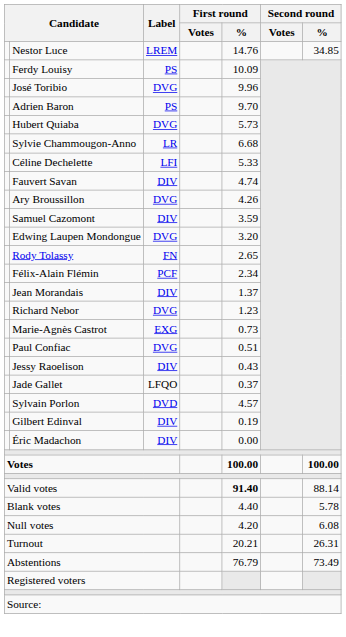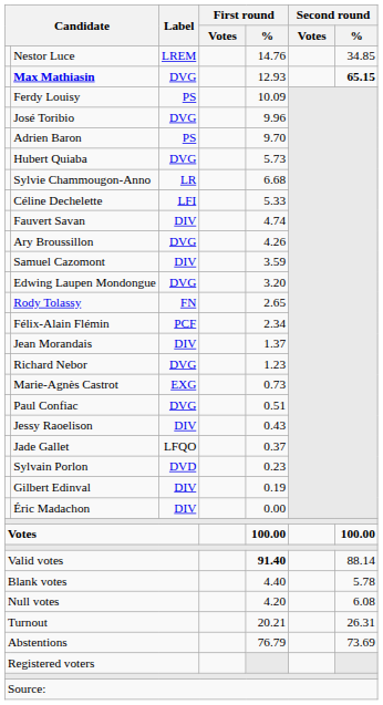 <table class="wikitable" style="text-align:right;font-size:95%;">
 <tr>
 <th rowspan="2" colspan="2">Candidate</th>
 <th rowspan="2">Label</th>
 <th colspan="2">First round</th>
 <th colspan="2">Second round</th>
 </tr>
 <tr>
 <th style="width:50px;">Votes</th>
 <th style="width:45px;">%</th>
 <th style="width:50px;">Votes</th>
 <th style="width:45px;">%</th>
 </tr>
 <tr>
 <td style="color:inherit;background:"></td>
 <td style="text-align:left;">Nestor Luce</td>
 <td><a href='#'>LREM</a></td>
 <td></td>
 <td>14.76</td>
 <td></td>
 <td>34.85</td>
+</tr>
+<tr>
+<td style="color:inherit;background:"></td>
+<td style="text-align:left;"><strong><a href='#'>Max Mathiasin</a></strong></td>
+<td><a href='#'>DVG</a></td>
+<td></td>
+<td>12.93</td>
+<td><strong></strong></td>
+<td><strong>65.15</strong></td>
 </tr>
 <tr>
 <td style="color:inherit;background:"></td>
 <td style="text-align:left;">Ferdy Louisy</td>
 <td><a href='#'>PS</a></td>
 <td></td>
 <td>10.09</td>
 <td colspan="2" rowspan="21" style="background:#E9E9E9;"></td>
 </tr>
 <tr>
 <td style="color:inherit;background:"></td>
 <td style="text-align:left;">José Toribio</td>
 <td><a href='#'>DVG</a></td>
 <td></td>
 <td>9.96</td>
 </tr>
 <tr>
 <td style="color:inherit;background:"></td>
 <td style="text-align:left;">Adrien Baron</td>
 <td><a href='#'>PS</a></td>
 <td></td>
 <td>9.70</td>
 </tr>
 <tr>
 <td style="color:inherit;background:"></td>
 <td style="text-align:left;">Hubert Quiaba</td>
 <td><a href='#'>DVG</a></td>
 <td></td>
 <td>5.73</td>
 </tr>
 <tr>
 <td style="color:inherit;background:"></td>
 <td style="text-align:left;">Sylvie Chammougon-Anno</td>
 <td><a href='#'>LR</a></td>
 <td></td>
 <td>6.68</td>
 </tr>
 <tr>
 <td style="color:inherit;background:"></td>
 <td style="text-align:left;">Céline Dechelette</td>
 <td><a href='#'>LFI</a></td>
 <td></td>
 <td>5.33</td>
 </tr>
 <tr>
 <td style="color:inherit;background:"></td>
 <td style="text-align:left;">Fauvert Savan</td>
 <td><a href='#'>DIV</a></td>
 <td></td>
 <td>4.74</td>
 </tr>
 <tr>
 <td style="color:inherit;background:"></td>
 <td style="text-align:left;">Ary Broussillon</td>
 <td><a href='#'>DVG</a></td>
 <td></td>
 <td>4.26</td>
 </tr>
 <tr>
 <td style="color:inherit;background:"></td>
 <td style="text-align:left;">Samuel Cazomont</td>
 <td><a href='#'>DIV</a></td>
 <td></td>
 <td>3.59</td>
 </tr>
 <tr>
 <td style="color:inherit;background:"></td>
 <td style="text-align:left;">Edwing Laupen Mondongue</td>
 <td><a href='#'>DVG</a></td>
 <td></td>
 <td>3.20</td>
 </tr>
 <tr>
 <td style="color:inherit;background:"></td>
 <td style="text-align:left;"><a href='#'>Rody Tolassy</a></td>
 <td><a href='#'>FN</a></td>
 <td></td>
 <td>2.65</td>
 </tr>
 <tr>
 <td style="color:inherit;background:"></td>
 <td style="text-align:left;">Félix-Alain Flémin</td>
 <td><a href='#'>PCF</a></td>
 <td></td>
 <td>2.34</td>
 </tr>
 <tr>
 <td style="color:inherit;background:"></td>
 <td style="text-align:left;">Jean Morandais</td>
 <td><a href='#'>DIV</a></td>
 <td></td>
 <td>1.37</td>
 </tr>
 <tr>
 <td style="color:inherit;background:"></td>
 <td style="text-align:left;">Richard Nebor</td>
 <td><a href='#'>DVG</a></td>
 <td></td>
 <td>1.23</td>
 </tr>
 <tr>
 <td style="color:inherit;background:"></td>
 <td style="text-align:left;">Marie-Agnès Castrot</td>
 <td><a href='#'>EXG</a></td>
 <td></td>
 <td>0.73</td>
 </tr>
 <tr>
 <td style="color:inherit;background:"></td>
 <td style="text-align:left;">Paul Confiac</td>
 <td><a href='#'>DVG</a></td>
 <td></td>
 <td>0.51</td>
 </tr>
 <tr>
 <td style="color:inherit;background:"></td>
 <td style="text-align:left;">Jessy Raoelison</td>
 <td><a href='#'>DIV</a></td>
 <td></td>
 <td>0.43</td>
 </tr>
 <tr>
 <td style="color:inherit;background:"></td>
 <td style="text-align:left;">Jade Gallet</td>
 <td>LFQO</td>
 <td></td>
 <td>0.37</td>
 </tr>
 <tr>
 <td style="color:inherit;background:"></td>
 <td style="text-align:left;">Sylvain Porlon</td>
 <td><a href='#'>DVD</a></td>
 <td></td>
-<td>4.57</td>
+<td>0.23</td>
 </tr>
 <tr>
 <td style="color:inherit;background:"></td>
 <td style="text-align:left;">Gilbert Edinval</td>
 <td><a href='#'>DIV</a></td>
 <td></td>
 <td>0.19</td>
 </tr>
 <tr>
 <td style="color:inherit;background:"></td>
 <td style="text-align:left;">Éric Madachon</td>
 <td><a href='#'>DIV</a></td>
 <td></td>
 <td>0.00</td>
 </tr>
 <tr>
 <td colspan="7" style="background:#E9E9E9;"></td>
 </tr>
 <tr style="font-weight:bold;">
 <td colspan="3" style="text-align:left;">Votes</td>
 <td></td>
 <td>100.00</td>
 <td></td>
 <td>100.00</td>
 </tr>
 <tr>
 <td colspan="7" style="background:#E9E9E9;"></td>
 </tr>
 <tr>
 <td colspan="3" style="text-align:left;">Valid votes</td>
 <td></td>
 <td><strong>91.40</strong></td>
 <td></td>
 <td>88.14</td>
 </tr>
 <tr>
 <td colspan="3" style="text-align:left;">Blank votes</td>
 <td></td>
 <td>4.40</td>
 <td></td>
 <td>5.78</td>
 </tr>
 <tr>
 <td colspan="3" style="text-align:left;">Null votes</td>
 <td></td>
 <td>4.20</td>
 <td></td>
 <td>6.08</td>
 </tr>
 <tr>
 <td colspan="3" style="text-align:left;">Turnout</td>
 <td></td>
 <td>20.21</td>
 <td></td>
 <td>26.31</td>
 </tr>
 <tr>
 <td colspan="3" style="text-align:left;">Abstentions</td>
 <td></td>
 <td>76.79</td>
 <td></td>
-<td>73.49</td>
+<td>73.69</td>
 </tr>
 <tr>
 <td colspan="3" style="text-align:left;">Registered voters</td>
 <td></td>
 <td style="background:#E9E9E9;"></td>
 <td></td>
 <td style="background:#E9E9E9;"></td>
 </tr>
 <tr>
 <td colspan="7" style="background:#E9E9E9;"></td>
 </tr>
 <tr>
 <td colspan="7" style="text-align:left;">Source: </td>
 </tr>
 </table>
